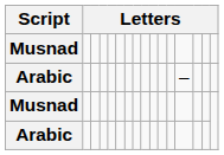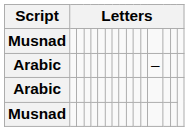 <table class="wikitable">
 <tr>
 <th>Script</th>
 <th colspan="15">Letters</th>
 </tr>
 <tr>
 <th>Musnad</th>
 <td><sub></sub></td>
 <td><sub></sub></td>
 <td><sub></sub></td>
 <td><sub></sub></td>
 <td><sub></sub></td>
 <td><sub></sub></td>
 <td><sub></sub></td>
 <td><sub></sub></td>
 <td><sub></sub></td>
 <td><sub></sub></td>
 <td><sub></sub></td>
 <td><sub></sub></td>
 <td><sub></sub></td>
 <td><sub></sub></td>
 <td><sub></sub></td>
 </tr>
 <tr>
 <th>Arabic</th>
 <td></td>
 <td></td>
 <td></td>
 <td></td>
 <td></td>
 <td></td>
 <td></td>
 <td></td>
 <td></td>
 <td></td>
 <td></td>
 <td>–</td>
 <td></td>
 <td></td>
 <td></td>
 </tr>
 <tr>
-<th>Musnad</th>
+<th>Arabic</th>
 <td><sub></sub></td>
 <td><sub></sub></td>
 <td><sub></sub></td>
 <td><sub></sub></td>
 <td><sub></sub></td>
 <td><sub></sub></td>
 <td><sub></sub></td>
 <td><sub></sub></td>
 <td><sub></sub></td>
 <td><sub></sub></td>
 <td><sub></sub></td>
 <td><sub></sub></td>
 <td><sub></sub></td>
 <td><sub></sub></td>
 <td rowspan="2"></td>
 </tr>
 <tr>
-<th>Arabic</th>
+<th>Musnad</th>
 <td></td>
 <td></td>
 <td></td>
 <td></td>
 <td></td>
 <td></td>
 <td></td>
 <td></td>
 <td></td>
 <td></td>
 <td></td>
 <td></td>
 <td></td>
 <td></td>
 </tr>
 </table>
